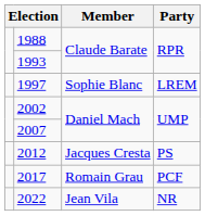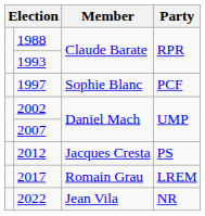 <table class="wikitable">
 <tr>
 <th colspan=2>Election</th>
 <th>Member</th>
 <th>Party</th>
 </tr>
 <tr>
 <td rowspan="2" style="background-color: "></td>
 <td><a href='#'>1988</a></td>
 <td rowspan="2"><a href='#'>Claude Barate</a></td>
 <td rowspan="2"><a href='#'>RPR</a></td>
 </tr>
 <tr>
 <td><a href='#'>1993</a></td>
 </tr>
 <tr>
 <td style="background-color: "></td>
 <td><a href='#'>1997</a></td>
 <td><a href='#'>Sophie Blanc</a></td>
-<td><a href='#'>LREM</a></td>
+<td><a href='#'>PCF</a></td>
 </tr>
 <tr>
 <td rowspan=2 style="background-color: "></td>
 <td><a href='#'>2002</a></td>
 <td rowspan=2><a href='#'>Daniel Mach</a></td>
 <td rowspan=2><a href='#'>UMP</a></td>
 </tr>
 <tr>
 <td><a href='#'>2007</a></td>
 </tr>
 <tr>
 <td style="background-color: "></td>
 <td><a href='#'>2012</a></td>
 <td><a href='#'>Jacques Cresta</a></td>
 <td><a href='#'>PS</a></td>
 </tr>
 <tr>
 <td style="background-color: "></td>
 <td><a href='#'>2017</a></td>
 <td><a href='#'>Romain Grau</a></td>
-<td><a href='#'>PCF</a></td>
+<td><a href='#'>LREM</a></td>
 </tr>
 <tr>
 <td style="background-color: "></td>
 <td><a href='#'>2022</a></td>
 <td><a href='#'>Jean Vila</a></td>
 <td><a href='#'>NR</a></td>
 </tr>
 </table>
